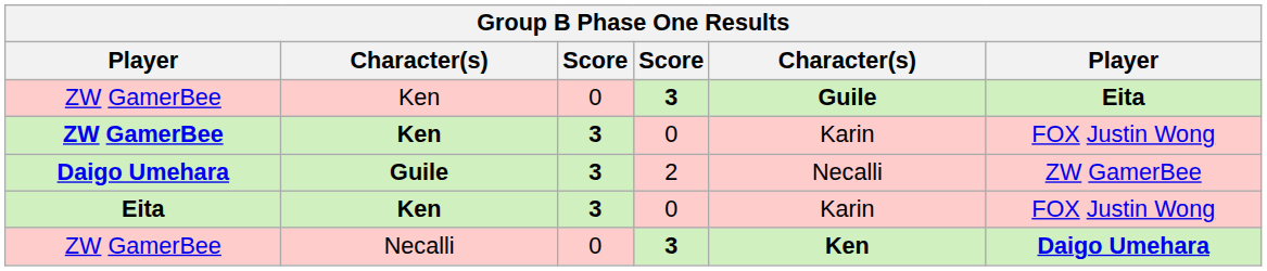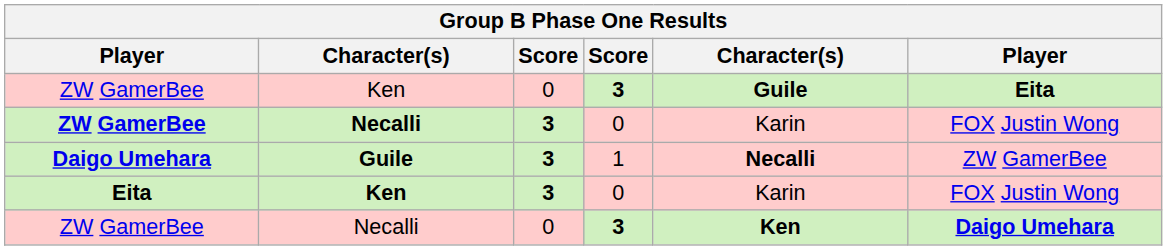 <table class="wikitable" style="text-align: center;">
 <tr>
 <th colspan=6>Group B Phase One Results</th>
 </tr>
 <tr>
 <th width="181px">Player</th>
 <th width="181px">Character(s)</th>
 <th width="20px">Score</th>
 <th width="20px">Score</th>
 <th width="181px">Character(s)</th>
 <th width="181px">Player</th>
 </tr>
 <tr>
 <td style="background: #FFCCCC;"><a href='#'>ZW</a> <a href='#'>GamerBee</a></td>
 <td style="background: #FFCCCC;">Ken</td>
 <td style="background: #FFCCCC;">0</td>
 <td style="background: #D0F0C0;"><strong>3</strong></td>
 <td style="background: #D0F0C0;"><strong>Guile</strong></td>
 <td style="background: #D0F0C0;"><strong> Eita</strong></td>
 </tr>
 <tr>
 <td style="background: #D0F0C0;"><strong><a href='#'>ZW</a> <a href='#'>GamerBee</a></strong></td>
-<td style="background: #D0F0C0;"><strong>Ken</strong></td>
+<td style="background: #D0F0C0;"><strong>Necalli</strong></td>
 <td style="background: #D0F0C0;"><strong>3</strong></td>
 <td style="background: #FFCCCC;">0</td>
 <td style="background: #FFCCCC;">Karin</td>
 <td style="background: #FFCCCC;"><a href='#'>FOX</a> <a href='#'>Justin Wong</a></td>
 </tr>
 <tr>
 <td style="background: #D0F0C0;"><strong> <a href='#'>Daigo Umehara</a></strong></td>
 <td style="background: #D0F0C0;"><strong>Guile</strong></td>
 <td style="background: #D0F0C0;"><strong>3</strong></td>
-<td style="background: #FFCCCC;">2</td>
-<td style="background: #FFCCCC;">Necalli</td>
+<td style="background: #FFCCCC;">1</td>
+<td style="background: #FFCCCC;"><strong>Necalli</strong></td>
 <td style="background: #FFCCCC;"><a href='#'>ZW</a> <a href='#'>GamerBee</a></td>
 </tr>
 <tr>
 <td style="background: #D0F0C0;"><strong> Eita</strong></td>
 <td style="background: #D0F0C0;"><strong>Ken</strong></td>
 <td style="background: #D0F0C0;"><strong>3</strong></td>
 <td style="background: #FFCCCC;">0</td>
 <td style="background: #FFCCCC;">Karin</td>
 <td style="background: #FFCCCC;"><a href='#'>FOX</a> <a href='#'>Justin Wong</a></td>
 </tr>
 <tr>
 <td style="background: #FFCCCC;"><a href='#'>ZW</a> <a href='#'>GamerBee</a></td>
 <td style="background: #FFCCCC;">Necalli</td>
 <td style="background: #FFCCCC;">0</td>
 <td style="background: #D0F0C0;"><strong>3</strong></td>
 <td style="background: #D0F0C0;"><strong>Ken</strong></td>
 <td style="background: #D0F0C0;"><strong> <a href='#'>Daigo Umehara</a></strong></td>
 </tr>
 </table>
